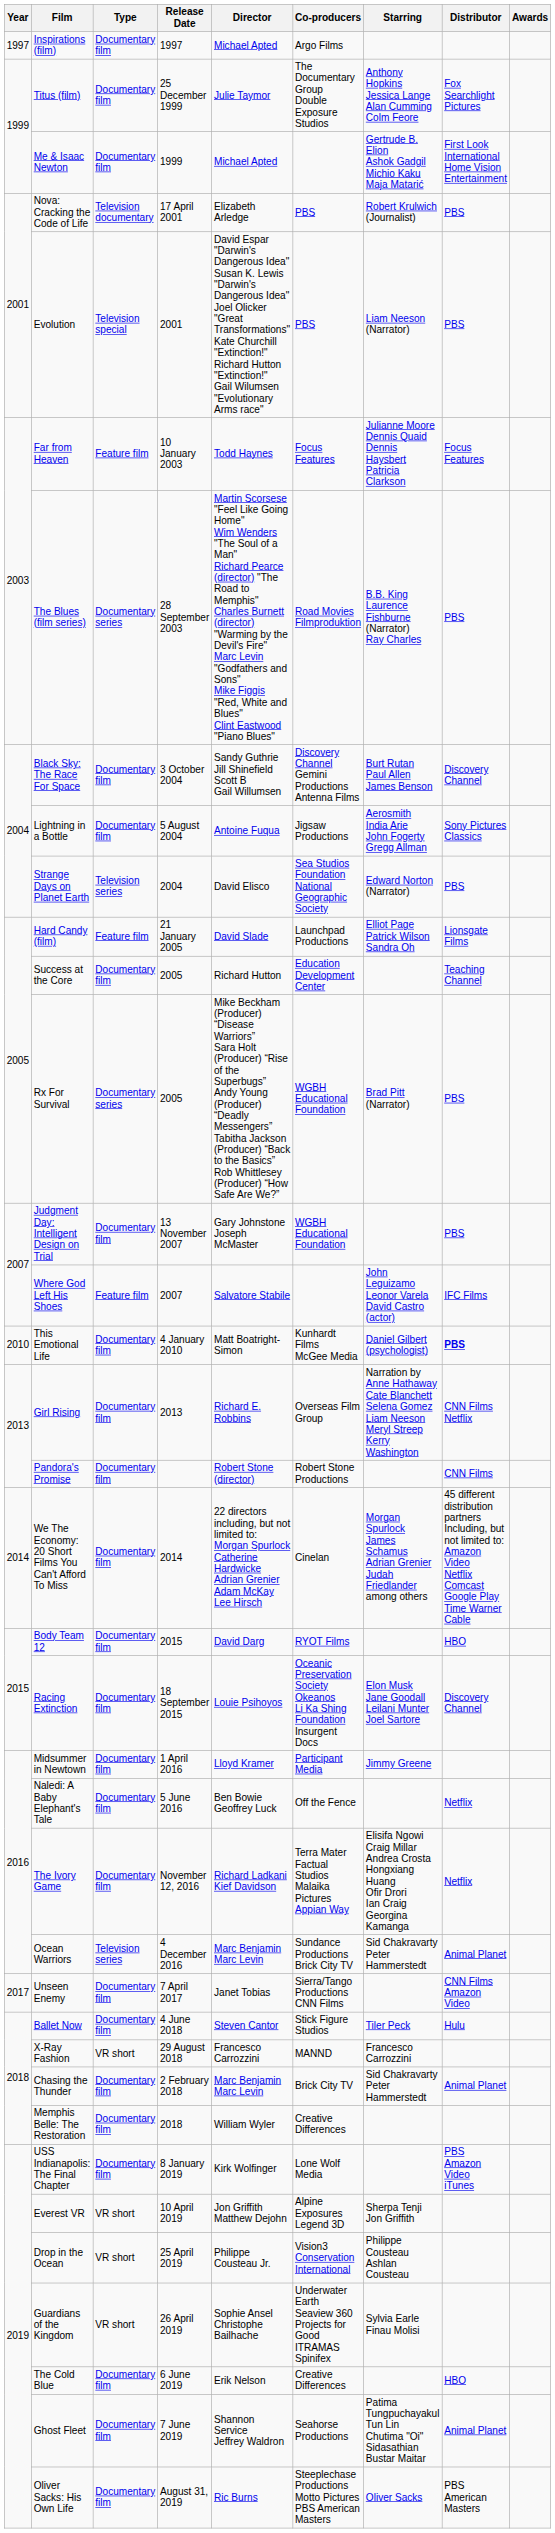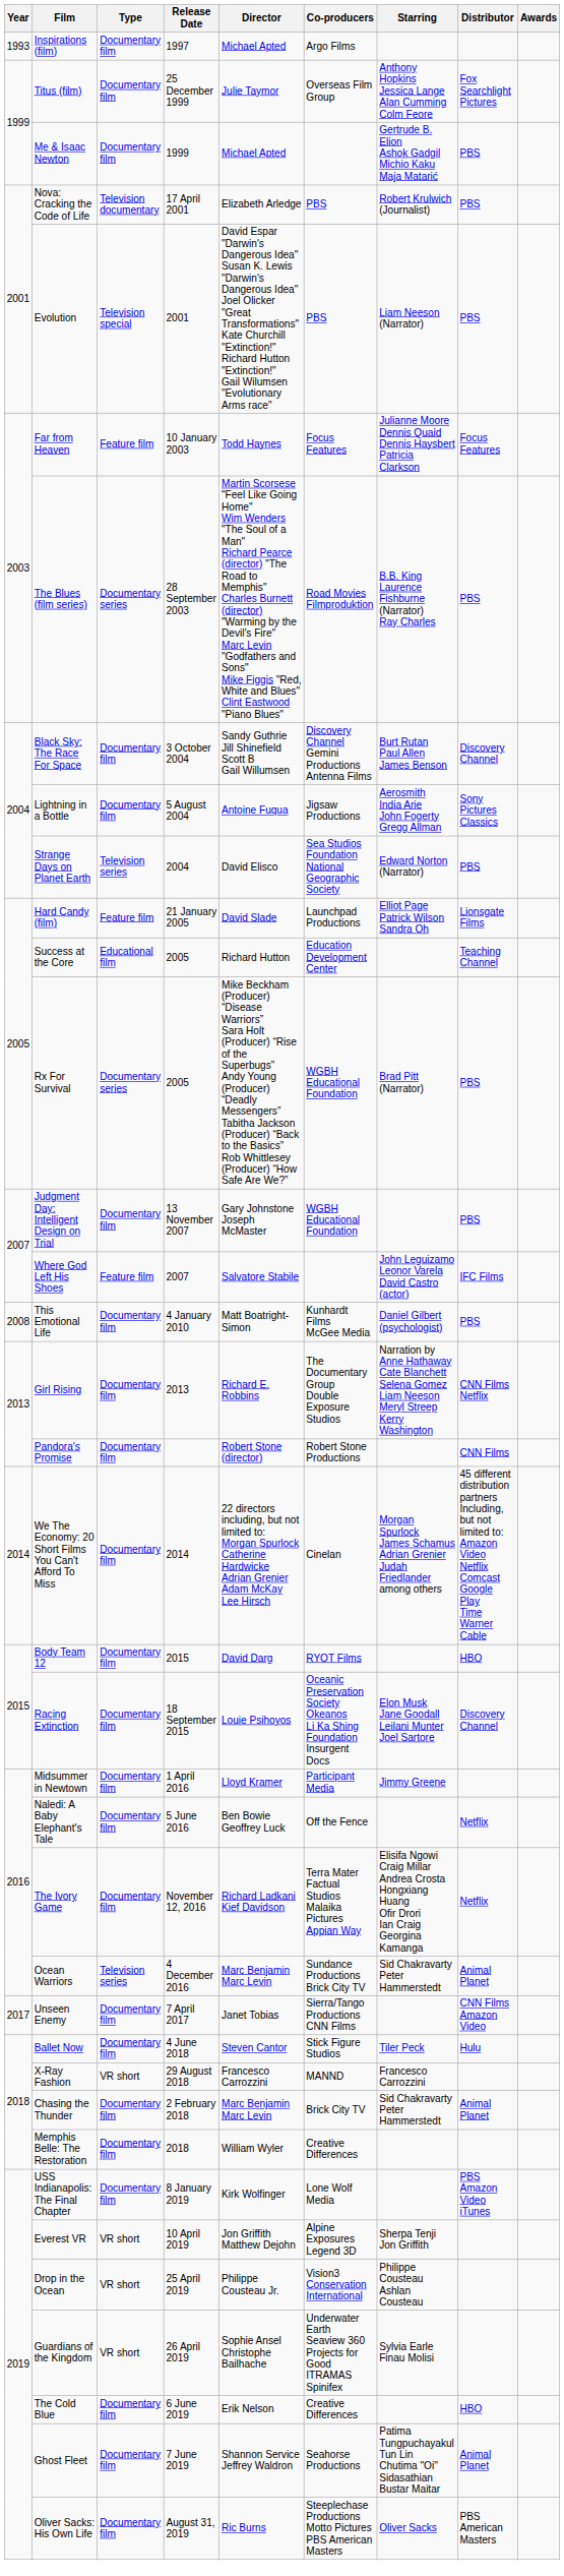 <table class="wikitable">
 <tr>
 <th>Year</th>
 <th>Film</th>
 <th>Type</th>
 <th>Release Date</th>
 <th>Director</th>
 <th>Co-producers</th>
 <th>Starring</th>
 <th>Distributor</th>
 <th>Awards</th>
 </tr>
 <tr>
-<td>1997</td>
+<td>1993</td>
 <td><a href='#'>Inspirations (film)</a></td>
 <td><a href='#'>Documentary film</a></td>
 <td>1997</td>
 <td><a href='#'>Michael Apted</a></td>
 <td>Argo Films</td>
 <td></td>
 <td></td>
 <td></td>
 </tr>
 <tr>
 <td rowspan="2">1999</td>
 <td><a href='#'>Titus (film)</a></td>
 <td><a href='#'>Documentary film</a></td>
 <td>25 December 1999</td>
 <td><a href='#'>Julie Taymor</a></td>
-<td>The Documentary Group<br>Double Exposure Studios</td>
+<td>Overseas Film Group</td>
 <td><a href='#'>Anthony Hopkins</a><br><a href='#'>Jessica Lange</a><br><a href='#'>Alan Cumming</a><br><a href='#'>Colm Feore</a></td>
 <td><a href='#'>Fox Searchlight Pictures</a></td>
 <td></td>
 </tr>
 <tr>
 <td><a href='#'>Me & Isaac Newton</a></td>
 <td><a href='#'>Documentary film</a></td>
 <td>1999</td>
 <td><a href='#'>Michael Apted</a></td>
 <td></td>
 <td><a href='#'>Gertrude B. Elion</a><br><a href='#'>Ashok Gadgil</a><br><a href='#'>Michio Kaku</a><br><a href='#'>Maja Matarić</a></td>
-<td><a href='#'>First Look International</a><br><a href='#'>Home Vision Entertainment</a></td>
+<td><a href='#'>PBS</a></td>
 <td></td>
 </tr>
 <tr>
 <td rowspan="2">2001</td>
 <td>Nova: Cracking the Code of Life</td>
 <td><a href='#'>Television documentary</a></td>
 <td>17 April 2001</td>
 <td>Elizabeth Arledge</td>
 <td><a href='#'>PBS</a></td>
 <td><a href='#'>Robert Krulwich</a> (Journalist)</td>
 <td><a href='#'>PBS</a></td>
 <td></td>
 </tr>
 <tr>
 <td>Evolution</td>
 <td><a href='#'>Television special</a></td>
 <td>2001</td>
 <td>David Espar "Darwin's Dangerous Idea"<br>Susan K. Lewis "Darwin's Dangerous Idea"<br>Joel Olicker "Great Transformations"<br>Kate Churchill "Extinction!"<br>Richard Hutton "Extinction!"<br>Gail Wilumsen "Evolutionary Arms race"</td>
 <td><a href='#'>PBS</a></td>
 <td><a href='#'>Liam Neeson</a> (Narrator)</td>
 <td><a href='#'>PBS</a></td>
 <td></td>
 </tr>
 <tr>
 <td rowspan="2">2003</td>
 <td><a href='#'>Far from Heaven</a></td>
 <td><a href='#'>Feature film</a></td>
 <td>10 January 2003</td>
 <td><a href='#'>Todd Haynes</a></td>
 <td><a href='#'>Focus Features</a></td>
 <td><a href='#'>Julianne Moore</a><br><a href='#'>Dennis Quaid</a><br><a href='#'>Dennis Haysbert</a><br><a href='#'>Patricia Clarkson</a></td>
 <td><a href='#'>Focus Features</a></td>
 <td></td>
 </tr>
 <tr>
 <td><a href='#'>The Blues (film series)</a></td>
 <td><a href='#'>Documentary series</a></td>
 <td>28 September 2003</td>
 <td><a href='#'>Martin Scorsese</a> "Feel Like Going Home"<br><a href='#'>Wim Wenders</a> "The Soul of a Man"<br><a href='#'>Richard Pearce (director)</a> "The Road to Memphis"<br><a href='#'>Charles Burnett (director)</a> "Warming by the Devil's Fire"<br><a href='#'>Marc Levin</a> "Godfathers and Sons"<br><a href='#'>Mike Figgis</a> "Red, White and Blues"<br><a href='#'>Clint Eastwood</a> "Piano Blues"</td>
 <td><a href='#'>Road Movies Filmproduktion</a></td>
 <td><a href='#'>B.B. King</a><br><a href='#'>Laurence Fishburne</a> (Narrator)<br><a href='#'>Ray Charles</a></td>
 <td><a href='#'>PBS</a></td>
 <td></td>
 </tr>
 <tr>
 <td rowspan="3">2004</td>
 <td><a href='#'>Black Sky: The Race For Space</a></td>
 <td><a href='#'>Documentary film</a></td>
 <td>3 October 2004</td>
 <td>Sandy Guthrie<br>Jill Shinefield<br>Scott B<br>Gail Willumsen</td>
 <td><a href='#'>Discovery Channel</a><br>Gemini Productions<br>Antenna Films</td>
 <td><a href='#'>Burt Rutan</a><br><a href='#'>Paul Allen</a><br><a href='#'>James Benson</a></td>
 <td><a href='#'>Discovery Channel</a></td>
 <td></td>
 </tr>
 <tr>
 <td>Lightning in a Bottle</td>
 <td><a href='#'>Documentary film</a></td>
 <td>5 August 2004</td>
 <td><a href='#'>Antoine Fuqua</a></td>
 <td>Jigsaw Productions</td>
 <td><a href='#'>Aerosmith</a><br><a href='#'>India Arie</a><br><a href='#'>John Fogerty</a><br><a href='#'>Gregg Allman</a></td>
 <td><a href='#'>Sony Pictures Classics</a></td>
 <td></td>
 </tr>
 <tr>
 <td><a href='#'>Strange Days on Planet Earth</a></td>
 <td><a href='#'>Television series</a></td>
 <td>2004</td>
 <td>David Elisco</td>
 <td><a href='#'>Sea Studios Foundation</a><br><a href='#'>National Geographic Society</a></td>
 <td><a href='#'>Edward Norton</a> (Narrator)</td>
 <td><a href='#'>PBS</a></td>
 <td></td>
 </tr>
 <tr>
 <td rowspan="3">2005</td>
 <td><a href='#'>Hard Candy (film)</a></td>
 <td><a href='#'>Feature film</a></td>
 <td>21 January 2005</td>
 <td><a href='#'>David Slade</a></td>
 <td>Launchpad Productions</td>
 <td><a href='#'>Elliot Page</a><br><a href='#'>Patrick Wilson</a><br><a href='#'>Sandra Oh</a></td>
 <td><a href='#'>Lionsgate Films</a></td>
 <td></td>
 </tr>
 <tr>
 <td>Success at the Core</td>
-<td><a href='#'>Documentary film</a></td>
+<td><a href='#'>Educational film</a></td>
 <td>2005</td>
 <td>Richard Hutton</td>
 <td><a href='#'>Education Development Center</a></td>
 <td></td>
 <td><a href='#'>Teaching Channel</a></td>
 <td></td>
 </tr>
 <tr>
 <td>Rx For Survival</td>
 <td><a href='#'>Documentary series</a></td>
 <td>2005</td>
 <td>Mike Beckham (Producer) “Disease Warriors”<br>Sara Holt (Producer) “Rise of the Superbugs”<br>Andy Young (Producer) “Deadly Messengers”<br>Tabitha Jackson (Producer) “Back to the Basics”<br>Rob Whittlesey (Producer) “How Safe Are We?”</td>
 <td><a href='#'>WGBH Educational Foundation</a></td>
 <td><a href='#'>Brad Pitt</a> (Narrator)</td>
 <td><a href='#'>PBS</a></td>
 <td></td>
 </tr>
 <tr>
 <td rowspan="2">2007</td>
 <td><a href='#'>Judgment Day: Intelligent Design on Trial</a></td>
 <td><a href='#'>Documentary film</a></td>
 <td>13 November 2007</td>
 <td>Gary Johnstone<br>Joseph McMaster</td>
 <td><a href='#'>WGBH Educational Foundation</a></td>
 <td></td>
 <td><a href='#'>PBS</a></td>
 <td></td>
 </tr>
 <tr>
 <td><a href='#'>Where God Left His Shoes</a></td>
 <td><a href='#'>Feature film</a></td>
 <td>2007</td>
 <td><a href='#'>Salvatore Stabile</a></td>
 <td></td>
 <td><a href='#'>John Leguizamo</a><br><a href='#'>Leonor Varela</a><br><a href='#'>David Castro (actor)</a></td>
 <td><a href='#'>IFC Films</a></td>
 <td></td>
 </tr>
 <tr>
-<td>2010</td>
+<td>2008</td>
 <td>This Emotional Life</td>
 <td><a href='#'>Documentary film</a></td>
 <td>4 January 2010</td>
 <td>Matt Boatright-Simon</td>
 <td>Kunhardt Films<br>McGee Media</td>
 <td><a href='#'>Daniel Gilbert (psychologist)</a></td>
-<td><strong><a href='#'>PBS</a></strong></td>
+<td><a href='#'>PBS</a></td>
 <td></td>
 </tr>
 <tr>
 <td rowspan="2">2013</td>
 <td><a href='#'>Girl Rising</a></td>
 <td><a href='#'>Documentary film</a></td>
 <td>2013</td>
 <td><a href='#'>Richard E. Robbins</a></td>
-<td>Overseas Film Group</td>
+<td>The Documentary Group<br>Double Exposure Studios</td>
 <td>Narration by <a href='#'>Anne Hathaway</a><br><a href='#'>Cate Blanchett</a><br><a href='#'>Selena Gomez</a><br><a href='#'>Liam Neeson</a><br><a href='#'>Meryl Streep</a><br><a href='#'>Kerry Washington</a></td>
 <td><a href='#'>CNN Films</a><br><a href='#'>Netflix</a></td>
 <td></td>
 </tr>
 <tr>
 <td><a href='#'>Pandora's Promise</a></td>
 <td><a href='#'>Documentary film</a></td>
 <td></td>
 <td><a href='#'>Robert Stone (director)</a></td>
 <td>Robert Stone Productions</td>
 <td></td>
 <td><a href='#'>CNN Films</a></td>
 <td></td>
 </tr>
 <tr>
 <td>2014</td>
 <td>We The Economy: 20 Short Films You Can't Afford To Miss</td>
 <td><a href='#'>Documentary film</a></td>
 <td>2014</td>
 <td>22 directors including, but not limited to:<br><a href='#'>Morgan Spurlock</a><br><a href='#'>Catherine Hardwicke</a><br><a href='#'>Adrian Grenier</a><br><a href='#'>Adam McKay</a><br><a href='#'>Lee Hirsch</a></td>
 <td>Cinelan</td>
 <td><a href='#'>Morgan Spurlock</a><br><a href='#'>James Schamus</a><br><a href='#'>Adrian Grenier</a><br><a href='#'>Judah Friedlander</a><br>among others</td>
 <td>45 different distribution partners Including, but not limited to:<br><a href='#'>Amazon Video</a><br><a href='#'>Netflix</a><br><a href='#'>Comcast</a><br><a href='#'>Google Play</a><br><a href='#'>Time Warner Cable</a></td>
 <td></td>
 </tr>
 <tr>
 <td rowspan="2">2015</td>
 <td><a href='#'>Body Team 12</a></td>
 <td><a href='#'>Documentary film</a></td>
 <td>2015</td>
 <td><a href='#'>David Darg</a></td>
 <td><a href='#'>RYOT Films</a></td>
 <td></td>
 <td><a href='#'>HBO</a></td>
 <td></td>
 </tr>
 <tr>
 <td><a href='#'>Racing Extinction</a></td>
 <td><a href='#'>Documentary film</a></td>
 <td>18 September 2015</td>
 <td><a href='#'>Louie Psihoyos</a></td>
 <td><a href='#'>Oceanic Preservation Society</a><br><a href='#'>Okeanos</a><br><a href='#'>Li Ka Shing Foundation</a><br>Insurgent Docs</td>
 <td><a href='#'>Elon Musk</a><br><a href='#'>Jane Goodall</a><br><a href='#'>Leilani Munter</a><br><a href='#'>Joel Sartore</a></td>
 <td><a href='#'>Discovery Channel</a></td>
 <td></td>
 </tr>
 <tr>
 <td rowspan="4">2016</td>
 <td>Midsummer in Newtown</td>
 <td><a href='#'>Documentary film</a></td>
 <td>1 April 2016</td>
 <td><a href='#'>Lloyd Kramer</a></td>
 <td><a href='#'>Participant Media</a></td>
 <td><a href='#'>Jimmy Greene</a></td>
 <td></td>
 <td></td>
 </tr>
 <tr>
 <td>Naledi: A Baby Elephant's Tale</td>
 <td><a href='#'>Documentary film</a></td>
 <td>5 June 2016</td>
 <td>Ben Bowie<br>Geoffrey Luck</td>
 <td>Off the Fence</td>
 <td></td>
 <td><a href='#'>Netflix</a></td>
 <td></td>
 </tr>
 <tr>
 <td><a href='#'>The Ivory Game</a></td>
 <td><a href='#'>Documentary film</a></td>
 <td>November 12, 2016</td>
 <td><a href='#'>Richard Ladkani</a><br><a href='#'>Kief Davidson</a></td>
 <td>Terra Mater Factual Studios<br>Malaika Pictures<br><a href='#'>Appian Way</a></td>
 <td>Elisifa Ngowi<br>Craig Millar<br>Andrea Crosta<br>Hongxiang Huang<br>Ofir Drori<br>Ian Craig<br>Georgina Kamanga  <br></td>
 <td><a href='#'>Netflix</a></td>
 <td></td>
 </tr>
 <tr>
 <td>Ocean Warriors</td>
 <td><a href='#'>Television series</a></td>
 <td>4 December 2016</td>
 <td><a href='#'>Marc Benjamin</a><br><a href='#'>Marc Levin</a></td>
 <td>Sundance Productions<br>Brick City TV</td>
 <td>Sid Chakravarty<br>Peter Hammerstedt</td>
 <td><a href='#'>Animal Planet</a></td>
 <td></td>
 </tr>
 <tr>
 <td>2017</td>
 <td>Unseen Enemy</td>
 <td><a href='#'>Documentary film</a></td>
 <td>7 April 2017</td>
 <td>Janet Tobias</td>
 <td>Sierra/Tango Productions<br>CNN Films</td>
 <td></td>
 <td><a href='#'>CNN Films</a><br><a href='#'>Amazon Video</a></td>
 <td></td>
 </tr>
 <tr>
 <td rowspan="4">2018</td>
 <td><a href='#'>Ballet Now</a></td>
 <td><a href='#'>Documentary film</a></td>
 <td>4 June 2018</td>
 <td><a href='#'>Steven Cantor</a></td>
 <td>Stick Figure Studios</td>
 <td><a href='#'>Tiler Peck</a></td>
 <td><a href='#'>Hulu</a></td>
 <td></td>
 </tr>
 <tr>
 <td>X-Ray Fashion</td>
 <td>VR short</td>
 <td>29 August 2018</td>
 <td>Francesco Carrozzini</td>
 <td>MANND</td>
 <td>Francesco Carrozzini</td>
 <td></td>
 <td></td>
 </tr>
 <tr>
 <td>Chasing the Thunder</td>
 <td><a href='#'>Documentary film</a></td>
 <td>2 February 2018</td>
 <td><a href='#'>Marc Benjamin</a><br><a href='#'>Marc Levin</a></td>
 <td>Brick City TV</td>
 <td>Sid Chakravarty<br>Peter Hammerstedt</td>
 <td><a href='#'>Animal Planet</a></td>
 <td></td>
 </tr>
 <tr>
 <td>Memphis Belle: The Restoration</td>
 <td><a href='#'>Documentary film</a></td>
 <td>2018</td>
 <td>William Wyler</td>
 <td>Creative Differences</td>
 <td></td>
 <td></td>
 <td></td>
 </tr>
 <tr>
 <td rowspan="7">2019</td>
 <td>USS Indianapolis: The Final Chapter</td>
 <td><a href='#'>Documentary film</a></td>
 <td>8 January 2019</td>
 <td>Kirk Wolfinger</td>
 <td>Lone Wolf Media</td>
 <td></td>
 <td><a href='#'>PBS</a><br><a href='#'>Amazon Video</a><br><a href='#'>iTunes</a></td>
 <td></td>
 </tr>
 <tr>
 <td>Everest VR</td>
 <td>VR short</td>
 <td>10 April 2019</td>
 <td>Jon Griffith<br>Matthew Dejohn</td>
 <td>Alpine Exposures<br>Legend 3D</td>
 <td>Sherpa Tenji<br>Jon Griffith</td>
 <td></td>
 <td></td>
 </tr>
 <tr>
 <td>Drop in the Ocean</td>
 <td>VR short</td>
 <td>25 April 2019</td>
 <td>Philippe Cousteau Jr.</td>
 <td>Vision3<br><a href='#'>Conservation International</a></td>
 <td>Philippe Cousteau<br>Ashlan Cousteau</td>
 <td></td>
 <td></td>
 </tr>
 <tr>
 <td>Guardians of the Kingdom</td>
 <td>VR short</td>
 <td>26 April 2019</td>
 <td>Sophie Ansel<br>Christophe Bailhache</td>
 <td>Underwater Earth<br>Seaview 360<br>Projects for Good<br>ITRAMAS<br>Spinifex</td>
 <td>Sylvia Earle<br>Finau Molisi</td>
 <td></td>
 <td></td>
 </tr>
 <tr>
 <td>The Cold Blue</td>
 <td><a href='#'>Documentary film</a></td>
 <td>6 June 2019</td>
 <td>Erik Nelson</td>
 <td>Creative Differences</td>
 <td></td>
 <td><a href='#'>HBO</a></td>
 <td></td>
 </tr>
 <tr>
 <td>Ghost Fleet</td>
 <td><a href='#'>Documentary film</a></td>
 <td>7 June 2019</td>
 <td>Shannon Service<br>Jeffrey Waldron</td>
 <td>Seahorse Productions</td>
 <td>Patima Tungpuchayakul<br>Tun Lin<br>Chutima "Oi" Sidasathian<br>Bustar Maitar</td>
 <td><a href='#'>Animal Planet</a></td>
 <td></td>
 </tr>
 <tr>
 <td>Oliver Sacks: His Own Life</td>
 <td><a href='#'>Documentary film</a></td>
 <td>August 31, 2019</td>
 <td><a href='#'>Ric Burns</a></td>
 <td>Steeplechase Productions<br>Motto Pictures<br>PBS American Masters</td>
 <td><a href='#'>Oliver Sacks</a></td>
 <td>PBS American Masters</td>
 <td></td>
 </tr>
 </table>
